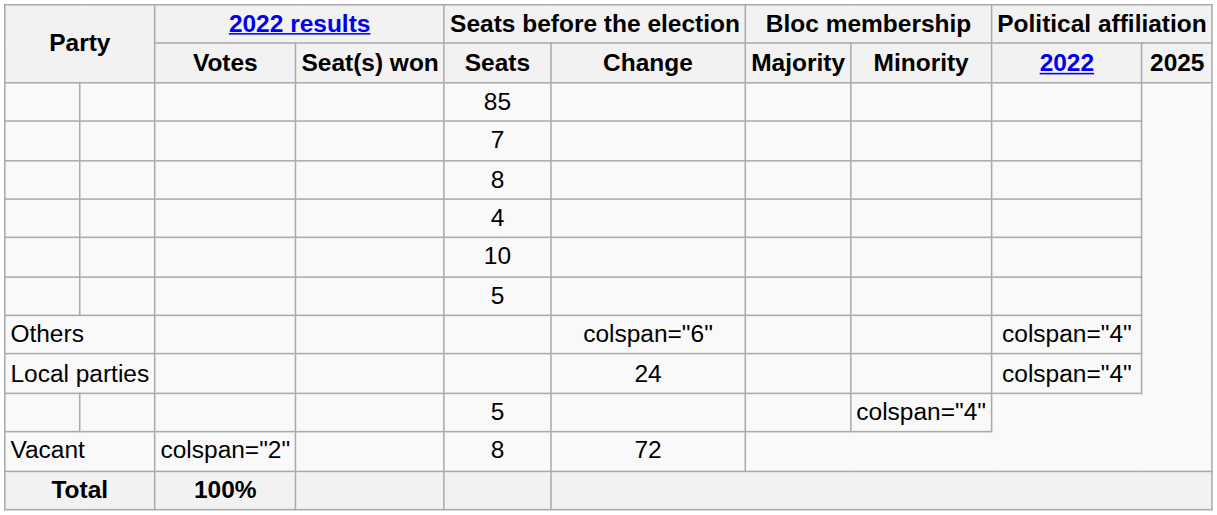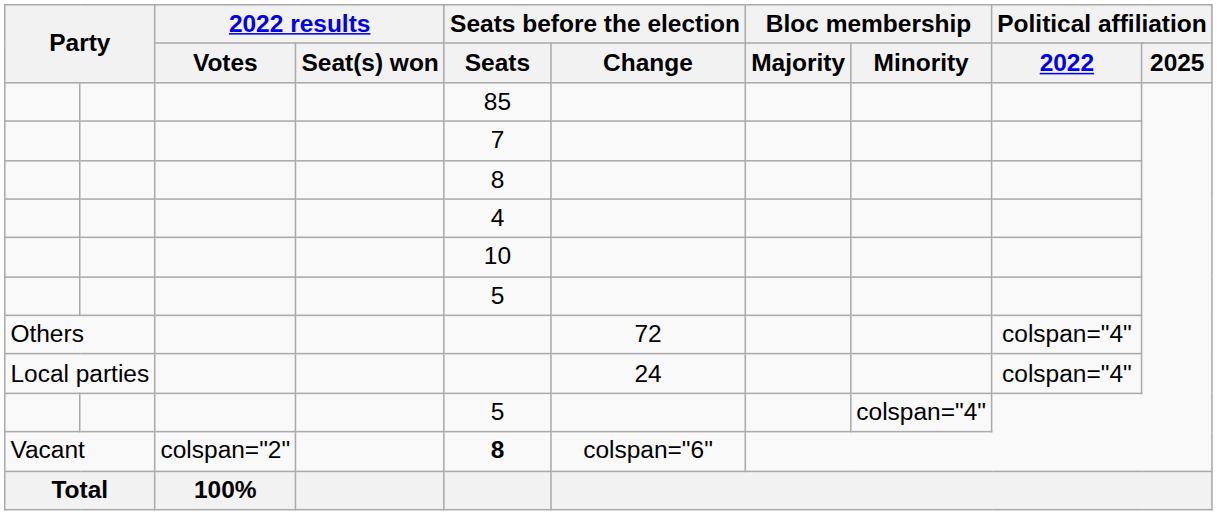 <table class="wikitable" style="text-align:center;">
 <tr>
 <th colspan="2" rowspan="2">Party</th>
 <th colspan="2"><a href='#'>2022 results</a></th>
 <th colspan="2">Seats before the election</th>
 <th colspan="2">Bloc membership</th>
 <th colspan="4">Political affiliation</th>
 </tr>
 <tr>
 <th>Votes</th>
 <th>Seat(s) won</th>
 <th>Seats</th>
 <th>Change</th>
 <th>Majority</th>
 <th>Minority</th>
 <th colspan="2"><a href='#'>2022</a></th>
 <th colspan="2">2025</th>
 </tr>
 <tr>
 <td></td>
 <td></td>
 <td></td>
 <td></td>
 <td> 85</td>
 <td></td>
 <td></td>
 <td></td>
 <td></td>
 </tr>
 <tr>
 <td></td>
 <td></td>
 <td></td>
 <td></td>
 <td> 7</td>
 <td></td>
 <td></td>
 <td></td>
 <td></td>
 </tr>
 <tr>
 <td></td>
 <td></td>
 <td></td>
 <td></td>
 <td> 8</td>
 <td></td>
 <td></td>
 <td></td>
 <td></td>
 </tr>
 <tr>
 <td></td>
 <td></td>
 <td></td>
 <td></td>
 <td> 4</td>
 <td></td>
 <td></td>
 <td></td>
 <td></td>
 </tr>
 <tr>
 <td></td>
 <td></td>
 <td></td>
 <td></td>
 <td> 10</td>
 <td></td>
 <td></td>
 <td></td>
 <td></td>
 </tr>
 <tr>
 <td></td>
 <td></td>
 <td></td>
 <td></td>
 <td> 5</td>
 <td></td>
 <td></td>
 <td></td>
 <td></td>
 </tr>
 <tr>
 <td colspan="2" align="left">Others</td>
 <td></td>
 <td></td>
 <td></td>
-<td>colspan="6" </td>
+<td> 72</td>
 <td></td>
 <td></td>
 <td>colspan="4" </td>
 </tr>
 <tr>
 <td colspan=2 align="left">Local parties</td>
 <td></td>
 <td></td>
 <td></td>
 <td> 24</td>
 <td></td>
 <td></td>
 <td>colspan="4" </td>
 </tr>
 <tr>
 <td></td>
 <td></td>
 <td></td>
 <td></td>
 <td> 5</td>
 <td></td>
 <td></td>
 <td>colspan="4" </td>
 </tr>
 <tr>
 <td colspan="2" align="left">Vacant</td>
 <td>colspan="2" </td>
 <td></td>
-<td> 8</td>
-<td> 72</td>
+<td><strong> 8</strong></td>
+<td>colspan="6" </td>
 </tr>
 <tr>
 <th colspan="2">Total</th>
 <th>100%</th>
 <th></th>
 <th></th>
 <th colspan="7"></th>
 </tr>
 </table>
